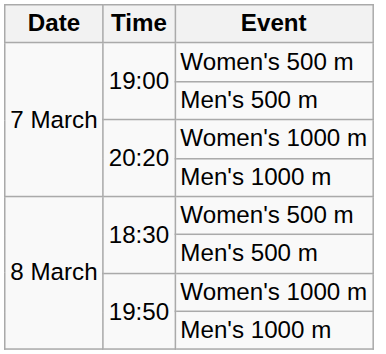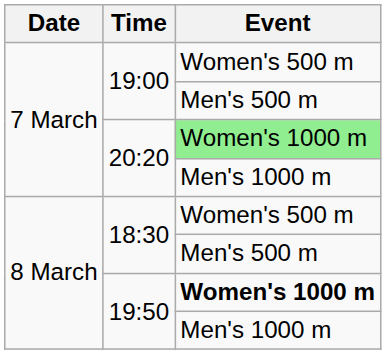 <table class="wikitable" border="1">
 <tr>
 <th>Date</th>
 <th>Time</th>
 <th>Event</th>
 </tr>
 <tr>
 <td rowspan=4>7 March</td>
 <td rowspan=2>19:00</td>
 <td>Women's 500 m</td>
 </tr>
 <tr>
 <td>Men's 500 m</td>
 </tr>
 <tr>
 <td rowspan=2>20:20</td>
-<td>Women's 1000 m</td>
+<td style="background: lightgreen;">Women's 1000 m</td>
 </tr>
 <tr>
 <td>Men's 1000 m</td>
 </tr>
 <tr>
 <td rowspan=4>8 March</td>
 <td rowspan=2>18:30</td>
 <td>Women's 500 m</td>
 </tr>
 <tr>
 <td>Men's 500 m</td>
 </tr>
 <tr>
 <td rowspan=2>19:50</td>
-<td>Women's 1000 m</td>
+<td><strong>Women's 1000 m</strong></td>
 </tr>
 <tr>
 <td>Men's 1000 m</td>
 </tr>
 </table>
